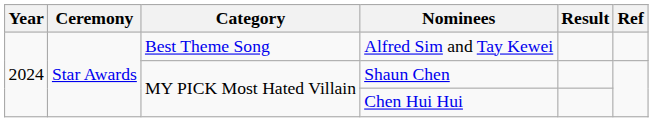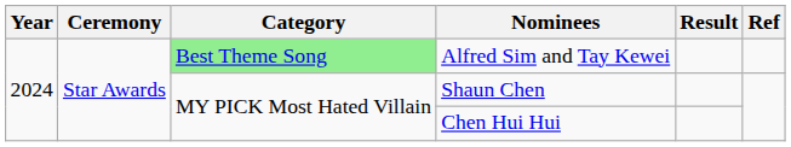 <table class="wikitable sortable">
 <tr>
 <th>Year</th>
 <th>Ceremony</th>
 <th>Category</th>
 <th>Nominees</th>
 <th>Result</th>
 <th>Ref</th>
 </tr>
 <tr>
 <td rowspan="3">2024</td>
 <td rowspan="3"><a href='#'>Star Awards</a></td>
-<td><a href='#'>Best Theme Song</a></td>
+<td style="background: lightgreen;"><a href='#'>Best Theme Song</a></td>
 <td><a href='#'>Alfred Sim</a> and <a href='#'>Tay Kewei</a></td>
 <td></td>
 <td></td>
 </tr>
 <tr>
 <td rowspan ="2">MY PICK Most Hated Villain</td>
 <td><a href='#'>Shaun Chen</a></td>
 <td></td>
 <td rowspan="2"></td>
 </tr>
 <tr>
 <td><a href='#'>Chen Hui Hui</a></td>
 <td></td>
 </tr>
 </table>
